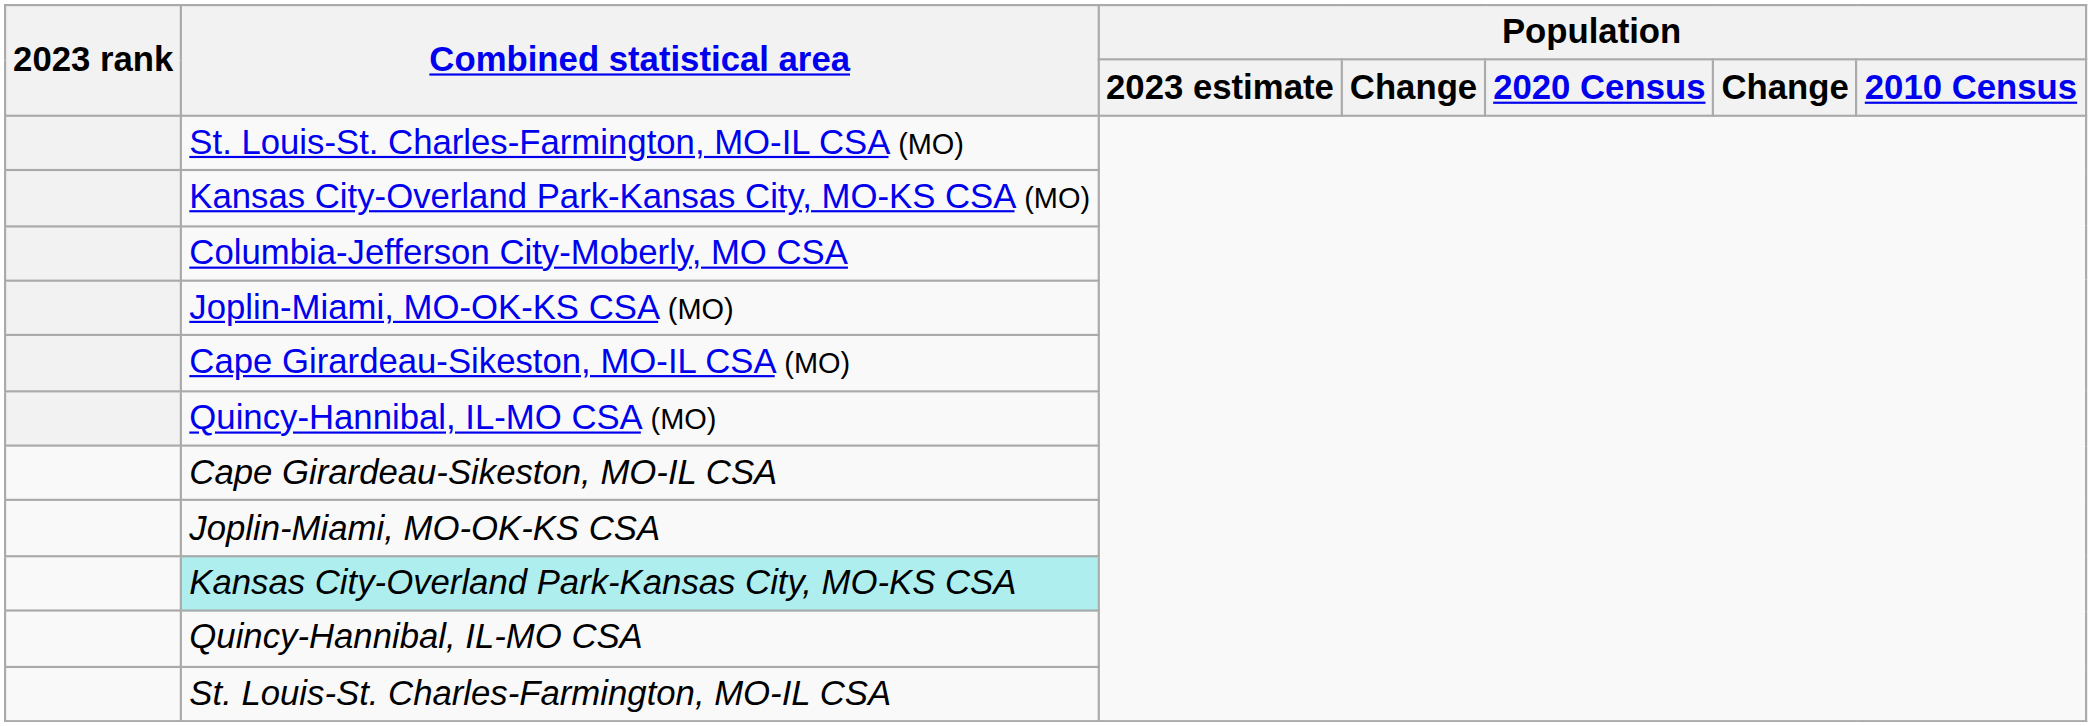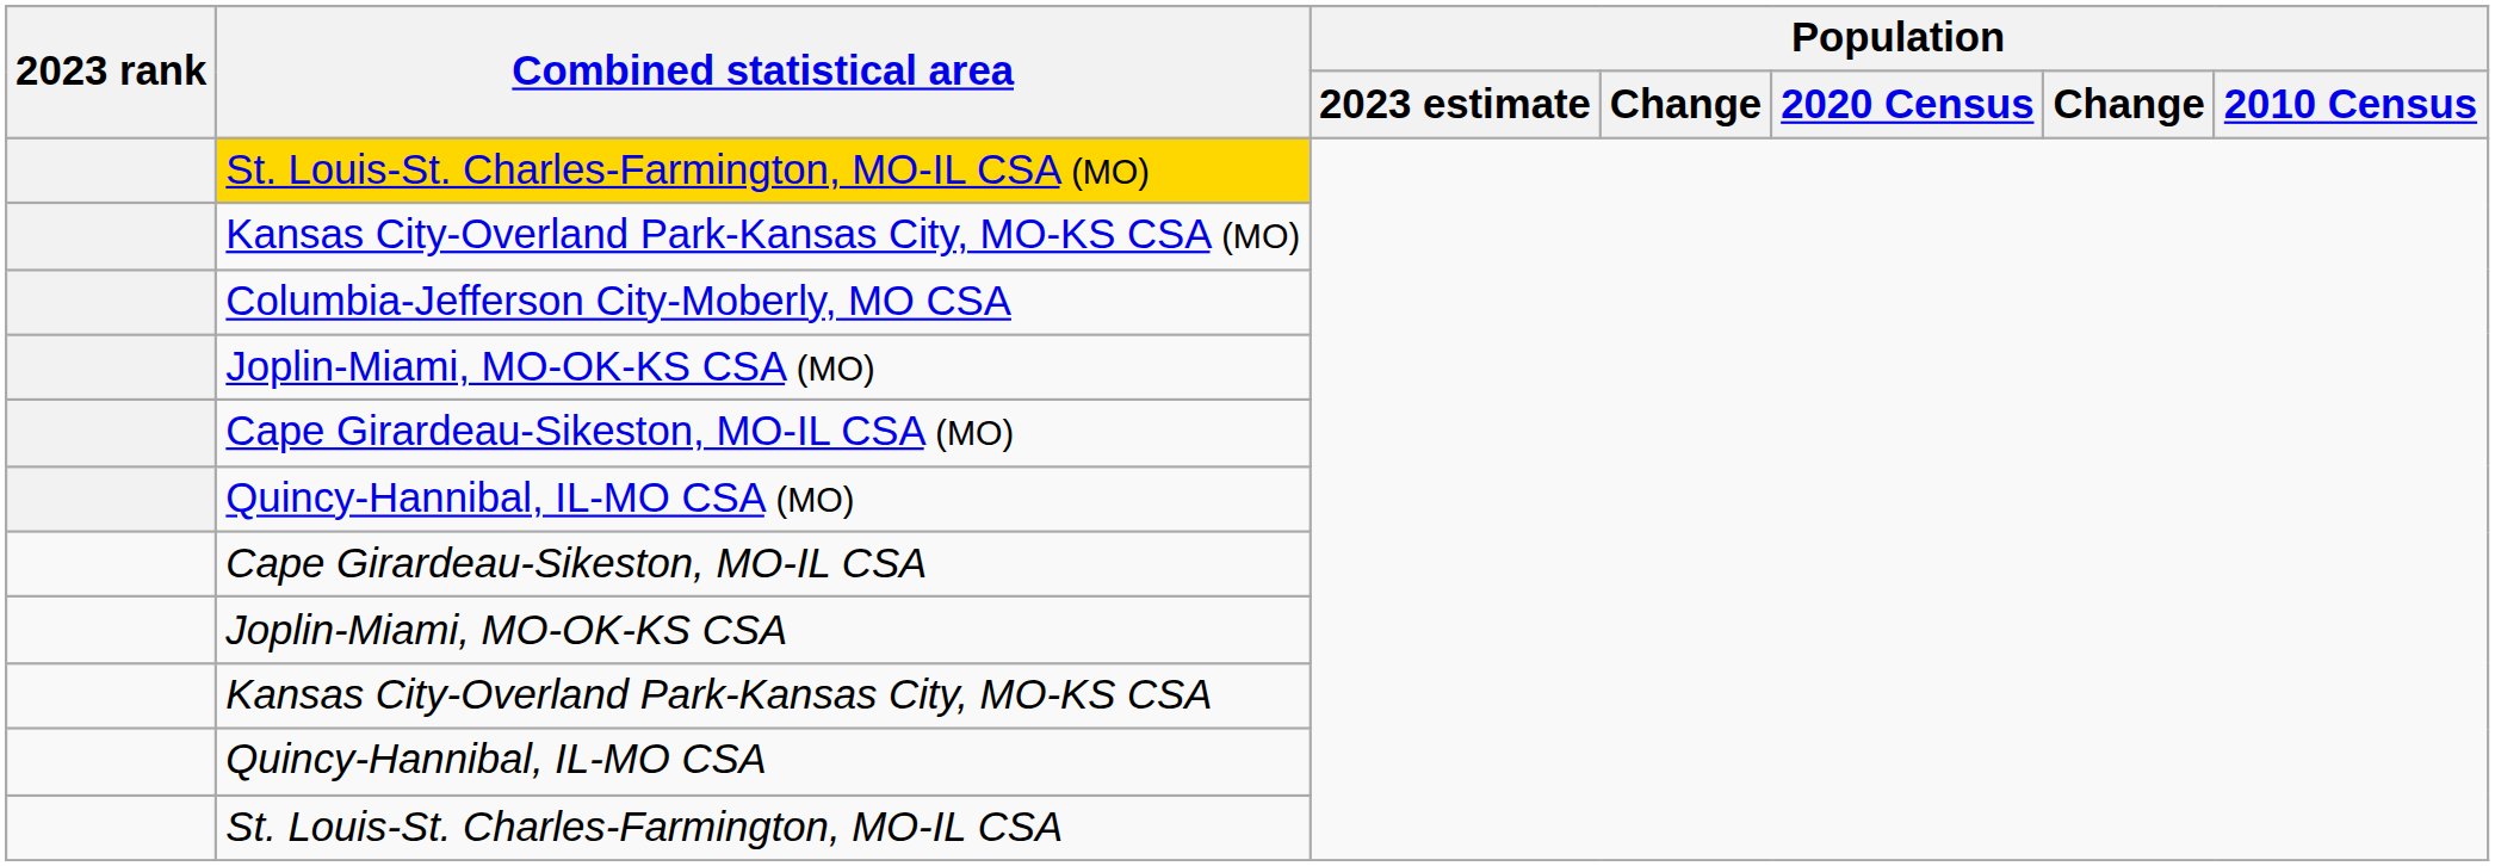 <table class="wikitable sortable">
 <tr>
 <th scope=col rowspan=2>2023 rank</th>
 <th scope=col rowspan=2><a href='#'>Combined statistical area</a></th>
 <th colspan=5>Population</th>
 </tr>
 <tr>
 <th scope=col>2023 estimate</th>
 <th scope=col>Change</th>
 <th scope=col><a href='#'>2020 Census</a></th>
 <th scope=col>Change</th>
 <th scope=col><a href='#'>2010 Census</a></th>
 </tr>
 <tr>
 <th scope=row></th>
-<td><a href='#'>St. Louis-St. Charles-Farmington, MO-IL CSA</a> <small>(MO)</small><br></td>
+<td style="background: gold;"><a href='#'>St. Louis-St. Charles-Farmington, MO-IL CSA</a> <small>(MO)</small><br></td>
 </tr>
 <tr>
 <th scope=row></th>
 <td><a href='#'>Kansas City-Overland Park-Kansas City, MO-KS CSA</a> <small>(MO)</small><br></td>
 </tr>
 <tr>
 <th scope=row></th>
 <td><a href='#'>Columbia-Jefferson City-Moberly, MO CSA</a><br></td>
 </tr>
 <tr>
 <th scope=row></th>
 <td><a href='#'>Joplin-Miami, MO-OK-KS CSA</a> <small>(MO)</small><br></td>
 </tr>
 <tr>
 <th scope=row></th>
 <td><a href='#'>Cape Girardeau-Sikeston, MO-IL CSA</a> <small>(MO)</small><br></td>
 </tr>
 <tr>
 <th scope=row></th>
 <td><a href='#'>Quincy-Hannibal, IL-MO CSA</a> <small>(MO)</small><br></td>
 </tr>
 <tr>
 <td></td>
 <td><em><span>Cape Girardeau-Sikeston, MO-IL CSA</span></em><br></td>
 </tr>
 <tr>
 <td></td>
 <td><em><span>Joplin-Miami, MO-OK-KS CSA</span></em><br></td>
 </tr>
 <tr>
 <td></td>
-<td style="background: paleturquoise;"><em><span>Kansas City-Overland Park-Kansas City, MO-KS CSA</span></em><br></td>
+<td><em><span>Kansas City-Overland Park-Kansas City, MO-KS CSA</span></em><br></td>
 </tr>
 <tr>
 <td></td>
 <td><em><span>Quincy-Hannibal, IL-MO CSA</span></em><br></td>
 </tr>
 <tr>
 <td></td>
 <td><em><span>St. Louis-St. Charles-Farmington, MO-IL CSA</span></em><br></td>
 </tr>
 </table>
